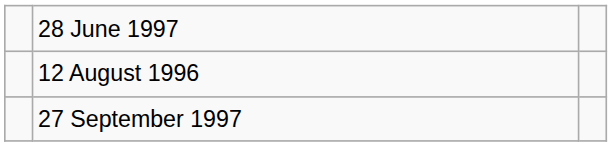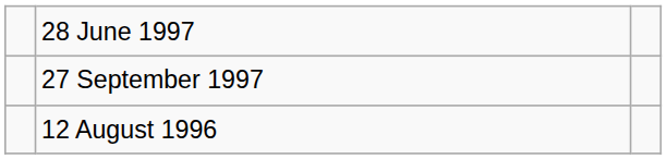 <table class="wikitable" style="font-size: 89%; float: left; width: 26em; margin-right: 1em; height: 84px;">
 <tr>
 <td></td>
 <td>28 June 1997</td>
 <td></td>
 </tr>
 <tr>
 <td></td>
-<td>12 August 1996</td>
+<td>27 September 1997</td>
 <td></td>
 </tr>
 <tr>
 <td></td>
-<td>27 September 1997</td>
+<td>12 August 1996</td>
 <td></td>
 </tr>
 </table>
